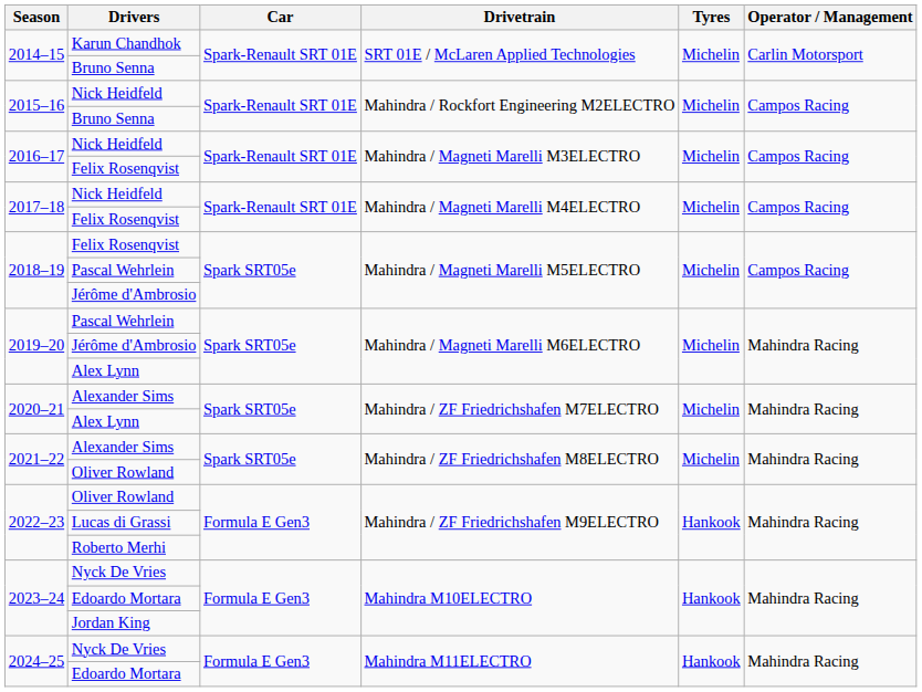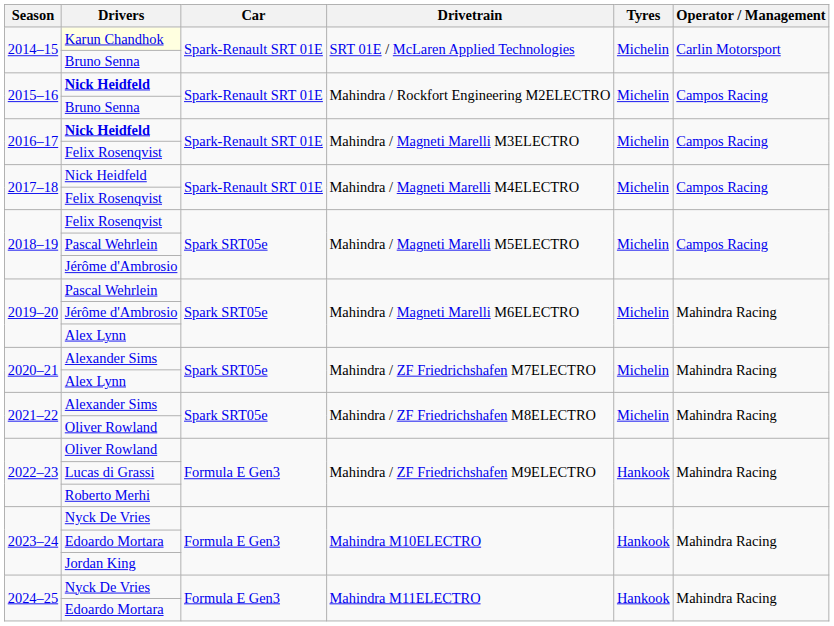 <table class="wikitable">
 <tr>
 <th>Season</th>
 <th>Drivers</th>
 <th>Car</th>
 <th>Drivetrain</th>
 <th>Tyres</th>
 <th>Operator / Management</th>
 </tr>
 <tr>
 <td rowspan=2><a href='#'>2014–15</a></td>
-<td> <a href='#'>Karun Chandhok</a></td>
+<td style="background: lightyellow;"> <a href='#'>Karun Chandhok</a></td>
 <td rowspan=2><a href='#'>Spark-Renault SRT 01E</a></td>
 <td rowspan=2><a href='#'>SRT 01E</a> / <a href='#'>McLaren Applied Technologies</a></td>
 <td rowspan=2><a href='#'>Michelin</a></td>
 <td rowspan=2><a href='#'>Carlin Motorsport</a></td>
 </tr>
 <tr>
 <td> <a href='#'>Bruno Senna</a></td>
 </tr>
 <tr>
 <td rowspan=2><a href='#'>2015–16</a></td>
-<td> <a href='#'>Nick Heidfeld</a></td>
+<td><strong> <a href='#'>Nick Heidfeld</a></strong></td>
 <td rowspan=2><a href='#'>Spark-Renault SRT 01E</a></td>
 <td rowspan=2>Mahindra / Rockfort Engineering M2ELECTRO</td>
 <td rowspan=2><a href='#'>Michelin</a></td>
 <td rowspan=2><a href='#'>Campos Racing</a></td>
 </tr>
 <tr>
 <td> <a href='#'>Bruno Senna</a></td>
 </tr>
 <tr>
 <td rowspan=2><a href='#'>2016–17</a></td>
-<td> <a href='#'>Nick Heidfeld</a></td>
+<td><strong> <a href='#'>Nick Heidfeld</a></strong></td>
 <td rowspan=2><a href='#'>Spark-Renault SRT 01E</a></td>
 <td rowspan=2>Mahindra / <a href='#'>Magneti Marelli</a> M3ELECTRO</td>
 <td rowspan=2><a href='#'>Michelin</a></td>
 <td rowspan=2><a href='#'>Campos Racing</a></td>
 </tr>
 <tr>
 <td> <a href='#'>Felix Rosenqvist</a></td>
 </tr>
 <tr>
 <td rowspan=2><a href='#'>2017–18</a></td>
 <td> <a href='#'>Nick Heidfeld</a></td>
 <td rowspan=2><a href='#'>Spark-Renault SRT 01E</a></td>
 <td rowspan=2>Mahindra / <a href='#'>Magneti Marelli</a> M4ELECTRO</td>
 <td rowspan=2><a href='#'>Michelin</a></td>
 <td rowspan=2><a href='#'>Campos Racing</a></td>
 </tr>
 <tr>
 <td> <a href='#'>Felix Rosenqvist</a></td>
 </tr>
 <tr>
 <td rowspan=3><a href='#'>2018–19</a></td>
 <td> <a href='#'>Felix Rosenqvist</a></td>
 <td rowspan=3><a href='#'>Spark SRT05e</a></td>
 <td rowspan=3>Mahindra / <a href='#'>Magneti Marelli</a> M5ELECTRO</td>
 <td rowspan=3><a href='#'>Michelin</a></td>
 <td rowspan=3><a href='#'>Campos Racing</a></td>
 </tr>
 <tr>
 <td> <a href='#'>Pascal Wehrlein</a></td>
 </tr>
 <tr>
 <td> <a href='#'>Jérôme d'Ambrosio</a></td>
 </tr>
 <tr>
 <td rowspan=3><a href='#'>2019–20</a></td>
 <td> <a href='#'>Pascal Wehrlein</a></td>
 <td rowspan=3><a href='#'>Spark SRT05e</a></td>
 <td rowspan=3>Mahindra / <a href='#'>Magneti Marelli</a> M6ELECTRO</td>
 <td rowspan=3><a href='#'>Michelin</a></td>
 <td rowspan=3>Mahindra Racing</td>
 </tr>
 <tr>
 <td> <a href='#'>Jérôme d'Ambrosio</a></td>
 </tr>
 <tr>
 <td> <a href='#'>Alex Lynn</a></td>
 </tr>
 <tr>
 <td rowspan=2><a href='#'>2020–21</a></td>
 <td> <a href='#'>Alexander Sims</a></td>
 <td rowspan=2><a href='#'>Spark SRT05e</a></td>
 <td rowspan=2>Mahindra / <a href='#'>ZF Friedrichshafen</a> M7ELECTRO</td>
 <td rowspan=2><a href='#'>Michelin</a></td>
 <td rowspan=2>Mahindra Racing</td>
 </tr>
 <tr>
 <td> <a href='#'>Alex Lynn</a></td>
 </tr>
 <tr>
 <td rowspan=2><a href='#'>2021–22</a></td>
 <td> <a href='#'>Alexander Sims</a></td>
 <td rowspan=2><a href='#'>Spark SRT05e</a></td>
 <td rowspan=2>Mahindra / <a href='#'>ZF Friedrichshafen</a> M8ELECTRO</td>
 <td rowspan=2><a href='#'>Michelin</a></td>
 <td rowspan=2>Mahindra Racing</td>
 </tr>
 <tr>
 <td> <a href='#'>Oliver Rowland</a></td>
 </tr>
 <tr>
 <td rowspan=3><a href='#'>2022–23</a></td>
 <td> <a href='#'>Oliver Rowland</a></td>
 <td rowspan=3><a href='#'>Formula E Gen3</a></td>
 <td rowspan=3>Mahindra / <a href='#'>ZF Friedrichshafen</a> M9ELECTRO</td>
 <td rowspan=3><a href='#'>Hankook</a></td>
 <td rowspan=3>Mahindra Racing</td>
 </tr>
 <tr>
 <td> <a href='#'>Lucas di Grassi</a></td>
 </tr>
 <tr>
 <td> <a href='#'>Roberto Merhi</a></td>
 </tr>
 <tr>
 <td rowspan="3"><a href='#'>2023–24</a></td>
 <td>  <a href='#'>Nyck De Vries</a></td>
 <td rowspan="3"><a href='#'>Formula E Gen3</a></td>
 <td rowspan="3"><a href='#'>Mahindra M10ELECTRO</a></td>
 <td rowspan="3"><a href='#'>Hankook</a></td>
 <td rowspan="3">Mahindra Racing</td>
 </tr>
 <tr>
 <td> <a href='#'>Edoardo Mortara</a></td>
 </tr>
 <tr>
 <td> <a href='#'>Jordan King</a></td>
 </tr>
 <tr>
 <td rowspan="2"><a href='#'>2024–25</a></td>
 <td>  <a href='#'>Nyck De Vries</a></td>
 <td rowspan="2"><a href='#'>Formula E Gen3</a></td>
 <td rowspan="2"><a href='#'>Mahindra M11ELECTRO</a></td>
 <td rowspan="2"><a href='#'>Hankook</a></td>
 <td rowspan="2">Mahindra Racing</td>
 </tr>
 <tr>
 <td> <a href='#'>Edoardo Mortara</a></td>
 </tr>
 </table>
